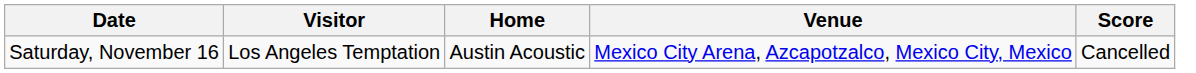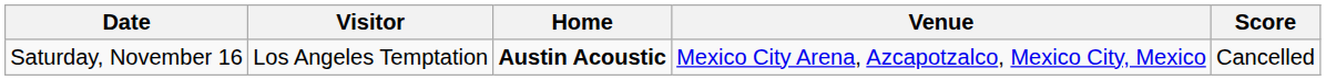 <table class="wikitable">
 <tr>
 <th>Date</th>
 <th>Visitor</th>
 <th>Home</th>
 <th>Venue</th>
 <th>Score</th>
 </tr>
 <tr>
 <td rowspan=2>Saturday, November 16</td>
 <td>Los Angeles Temptation</td>
-<td>Austin Acoustic</td>
+<td><strong>Austin Acoustic</strong></td>
 <td><a href='#'>Mexico City Arena</a>, <a href='#'>Azcapotzalco</a>, <a href='#'>Mexico City, Mexico</a></td>
 <td>Cancelled</td>
 </tr>
 </table>
